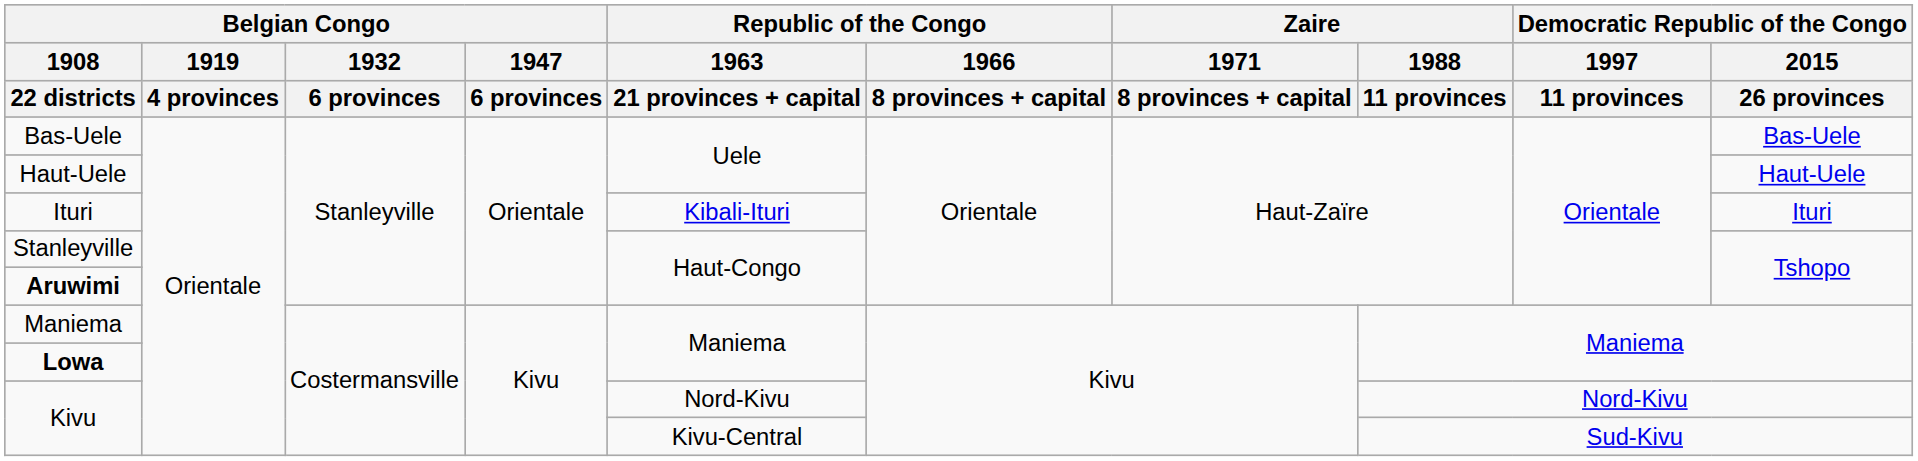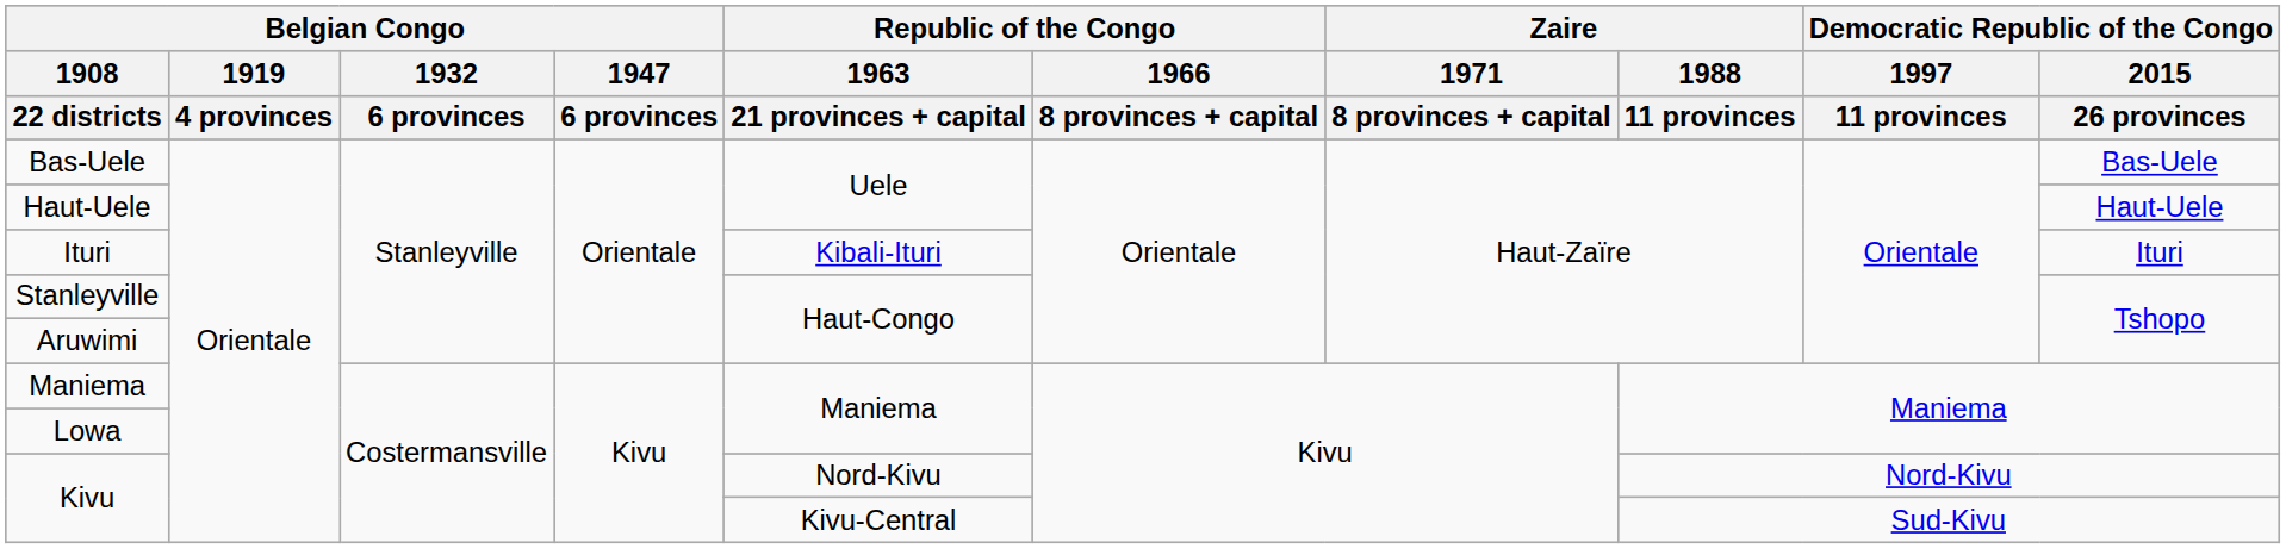 <table class="wikitable" style="font-size:90%; text-align:center">
 <tr>
 <th colspan=4>Belgian Congo</th>
 <th colspan=2>Republic of the Congo</th>
 <th colspan=2>Zaire</th>
 <th colspan=2>Democratic Republic of the Congo</th>
 </tr>
 <tr>
 <th>1908</th>
 <th>1919</th>
 <th>1932</th>
 <th>1947</th>
 <th>1963</th>
 <th>1966</th>
 <th>1971</th>
 <th>1988</th>
 <th>1997</th>
 <th>2015</th>
 </tr>
 <tr>
 <th>22 districts</th>
 <th>4 provinces</th>
 <th>6 provinces</th>
 <th>6 provinces</th>
 <th>21 provinces + capital</th>
 <th>8 provinces + capital</th>
 <th>8 provinces + capital</th>
 <th>11 provinces</th>
 <th>11 provinces</th>
 <th>26 provinces</th>
 </tr>
 <tr>
 <td>Bas-Uele</td>
 <td rowspan=9>Orientale</td>
 <td rowspan=5>Stanleyville</td>
 <td rowspan=5>Orientale</td>
 <td rowspan=2>Uele</td>
 <td rowspan=5>Orientale</td>
 <td rowspan=5 colspan=2>Haut-Zaïre</td>
 <td rowspan=5><a href='#'>Orientale</a></td>
 <td><a href='#'>Bas-Uele</a></td>
 </tr>
 <tr>
 <td>Haut-Uele</td>
 <td><a href='#'>Haut-Uele</a></td>
 </tr>
 <tr>
 <td>Ituri</td>
 <td><a href='#'>Kibali-Ituri</a></td>
 <td><a href='#'>Ituri</a></td>
 </tr>
 <tr>
 <td>Stanleyville</td>
 <td rowspan=2>Haut-Congo</td>
 <td rowspan=2><a href='#'>Tshopo</a></td>
 </tr>
 <tr>
-<td><strong>Aruwimi</strong></td>
+<td>Aruwimi</td>
 </tr>
 <tr>
 <td>Maniema</td>
 <td rowspan=4>Costermansville</td>
 <td rowspan=4>Kivu</td>
 <td rowspan=2>Maniema</td>
 <td rowspan=4 colspan=2>Kivu</td>
 <td rowspan=2 colspan=3><a href='#'>Maniema</a></td>
 </tr>
 <tr>
-<td><strong>Lowa</strong></td>
+<td>Lowa</td>
 </tr>
 <tr>
 <td rowspan=2>Kivu</td>
 <td>Nord-Kivu</td>
 <td colspan=3><a href='#'>Nord-Kivu</a></td>
 </tr>
 <tr>
 <td>Kivu-Central</td>
 <td colspan=3><a href='#'>Sud-Kivu</a></td>
 </tr>
 </table>
